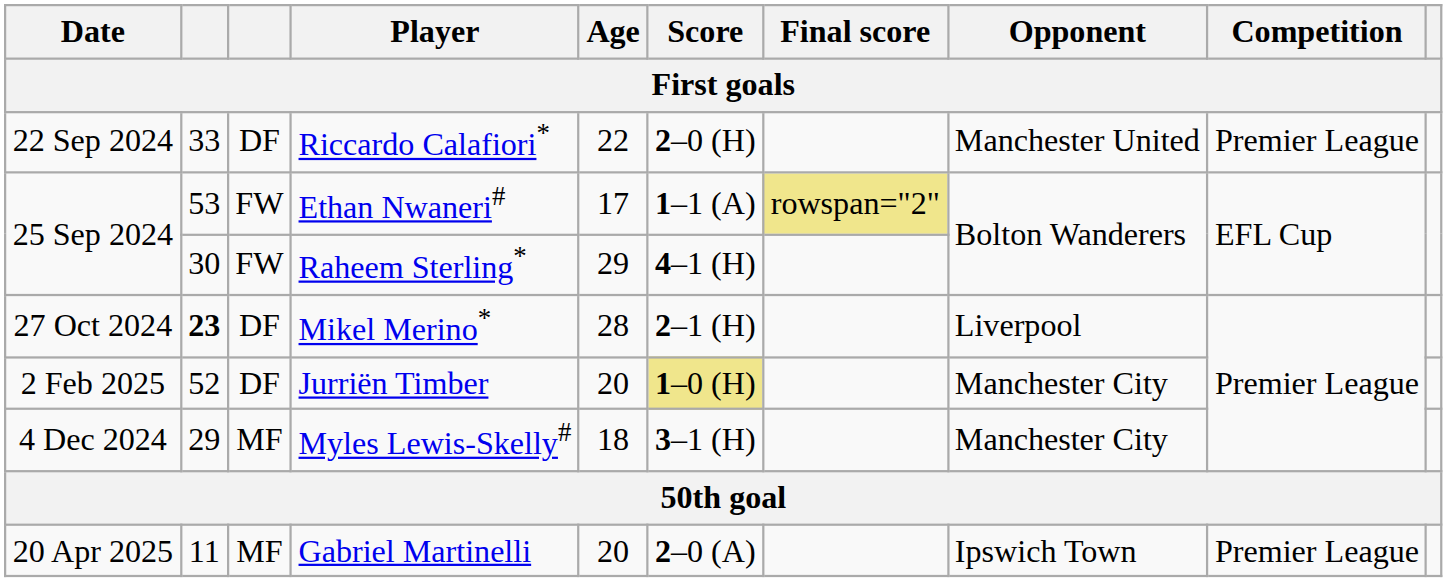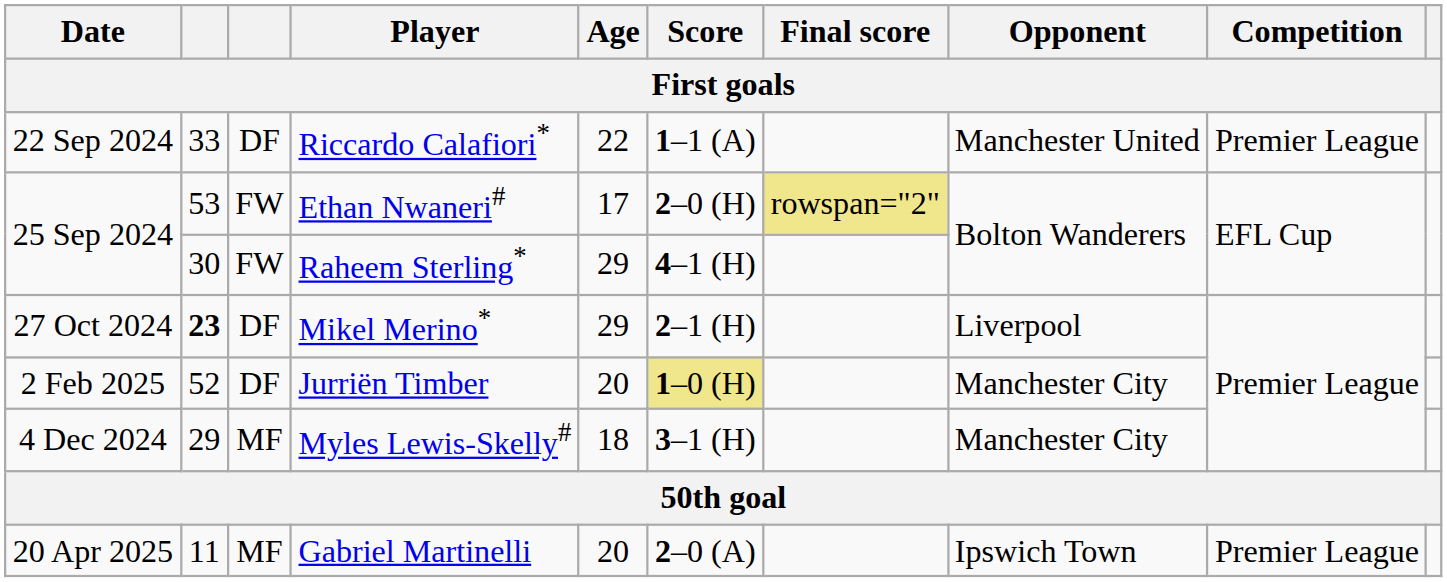 <table class="wikitable" style="text-align:center; font-size:90%;">
 <tr>
 <th>Date</th>
 <th></th>
 <th></th>
 <th>Player</th>
 <th>Age</th>
 <th>Score</th>
 <th>Final score</th>
 <th>Opponent</th>
 <th>Competition</th>
 <th></th>
 </tr>
 <tr>
 <th colspan="10">First goals</th>
 </tr>
 <tr>
 <td>22 Sep 2024</td>
 <td>33</td>
 <td>DF</td>
 <td style="text-align:left;"> <a href='#'>Riccardo Calafiori</a><sup>*</sup></td>
 <td>22</td>
-<td><strong>2</strong>–0 (H)</td>
+<td><strong>1</strong>–1 (A)</td>
 <td></td>
 <td style="text-align:left;">Manchester United</td>
 <td style="text-align:left;">Premier League</td>
 <td></td>
 </tr>
 <tr>
 <td rowspan="2">25 Sep 2024</td>
 <td>53</td>
 <td>FW</td>
 <td style="text-align:left;"> <a href='#'>Ethan Nwaneri</a><sup>#</sup></td>
 <td>17</td>
-<td><strong>1</strong>–1 (A)</td>
+<td><strong>2</strong>–0 (H)</td>
 <td style="background: khaki;">rowspan="2" </td>
 <td rowspan="2" style="text-align:left;">Bolton Wanderers</td>
 <td rowspan="2" style="text-align:left;">EFL Cup</td>
 <td rowspan="2"></td>
 </tr>
 <tr>
 <td>30</td>
 <td>FW</td>
 <td style="text-align:left;"> <a href='#'>Raheem Sterling</a><sup>*</sup></td>
 <td>29</td>
 <td><strong>4</strong>–1 (H)</td>
 </tr>
 <tr>
 <td>27 Oct 2024</td>
 <td><strong>23</strong></td>
 <td>DF</td>
 <td style="text-align:left;"> <a href='#'>Mikel Merino</a><sup>*</sup></td>
-<td>28</td>
+<td>29</td>
 <td><strong>2</strong>–1 (H)</td>
 <td></td>
 <td style="text-align:left;">Liverpool</td>
 <td rowspan="3" style="text-align:left;">Premier League</td>
 <td></td>
 </tr>
 <tr>
 <td>2 Feb 2025</td>
 <td>52</td>
 <td>DF</td>
 <td style="text-align:left;"> <a href='#'>Jurriën Timber</a></td>
 <td>20</td>
 <td style="background: khaki;"><strong>1</strong>–0 (H)</td>
 <td></td>
 <td style="text-align:left;">Manchester City</td>
 <td></td>
 </tr>
 <tr>
 <td>4 Dec 2024</td>
 <td>29</td>
 <td>MF</td>
 <td style="text-align:left;"> <a href='#'>Myles Lewis-Skelly</a><sup>#</sup></td>
 <td>18</td>
 <td><strong>3</strong>–1 (H)</td>
 <td></td>
 <td style="text-align:left;">Manchester City</td>
 <td></td>
 </tr>
 <tr>
 <th colspan="10">50th goal</th>
 </tr>
 <tr>
 <td>20 Apr 2025</td>
 <td>11</td>
 <td>MF</td>
 <td style="text-align:left;"> <a href='#'>Gabriel Martinelli</a></td>
 <td>20</td>
 <td><strong>2</strong>–0 (A)</td>
 <td></td>
 <td style="text-align:left;">Ipswich Town</td>
 <td style="text-align:left;">Premier League</td>
 <td></td>
 </tr>
 </table>
